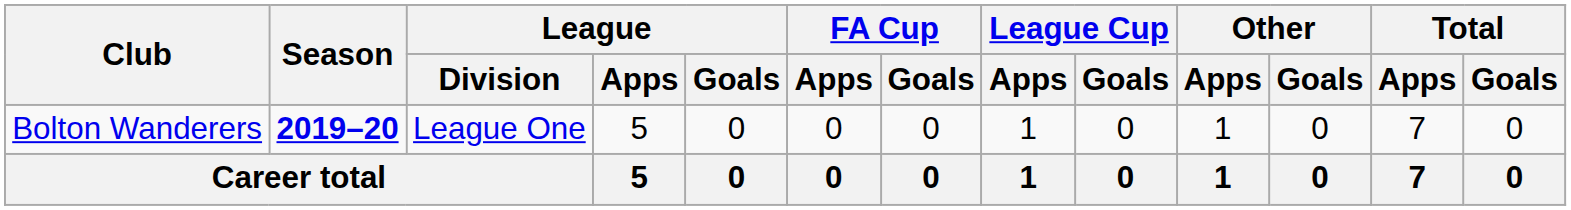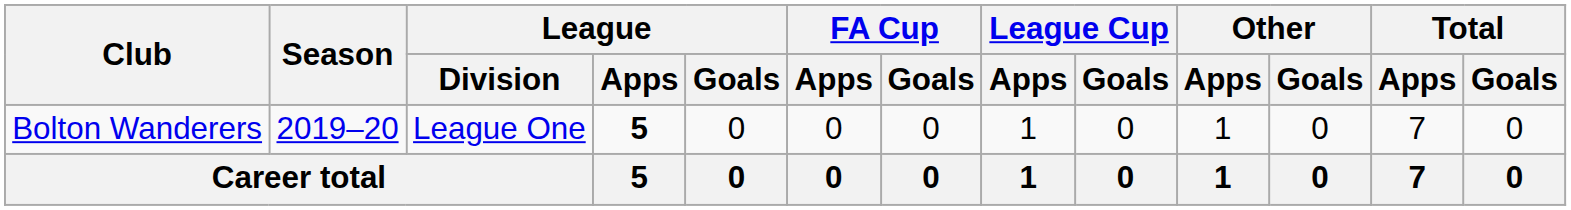 <table class="wikitable" style="text-align: center">
 <tr>
 <th rowspan="2">Club</th>
 <th rowspan="2">Season</th>
 <th colspan="3">League</th>
 <th colspan="2"><a href='#'>FA Cup</a></th>
 <th colspan="2"><a href='#'>League Cup</a></th>
 <th colspan="2">Other</th>
 <th colspan="2">Total</th>
 </tr>
 <tr>
 <th>Division</th>
 <th>Apps</th>
 <th>Goals</th>
 <th>Apps</th>
 <th>Goals</th>
 <th>Apps</th>
 <th>Goals</th>
 <th>Apps</th>
 <th>Goals</th>
 <th>Apps</th>
 <th>Goals</th>
 </tr>
 <tr>
 <td><a href='#'>Bolton Wanderers</a></td>
-<td><strong><a href='#'>2019–20</a></strong></td>
+<td><a href='#'>2019–20</a></td>
 <td><a href='#'>League One</a></td>
-<td>5</td>
+<td><strong>5</strong></td>
 <td>0</td>
 <td>0</td>
 <td>0</td>
 <td>1</td>
 <td>0</td>
 <td>1</td>
 <td>0</td>
 <td>7</td>
 <td>0</td>
 </tr>
 <tr>
 <th colspan="3">Career total</th>
 <th>5</th>
 <th>0</th>
 <th>0</th>
 <th>0</th>
 <th>1</th>
 <th>0</th>
 <th>1</th>
 <th>0</th>
 <th>7</th>
 <th>0</th>
 </tr>
 </table>
